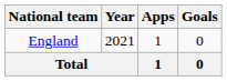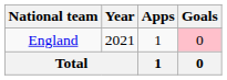 <table class="wikitable" style="text-align:center">
 <tr>
 <th>National team</th>
 <th>Year</th>
 <th>Apps</th>
 <th>Goals</th>
 </tr>
 <tr>
 <td><a href='#'>England</a></td>
 <td>2021</td>
 <td>1</td>
-<td>0</td>
+<td style="background: pink;">0</td>
 </tr>
 <tr>
 <th colspan="2">Total</th>
 <th>1</th>
 <th>0</th>
 </tr>
 </table>
